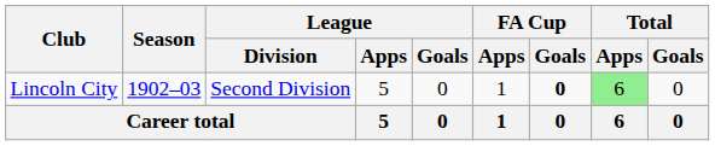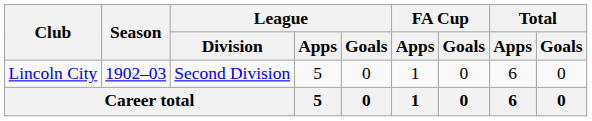 <table class="wikitable" style="text-align: center">
 <tr>
 <th rowspan="2">Club</th>
 <th rowspan="2">Season</th>
 <th colspan="3">League</th>
 <th colspan="2">FA Cup</th>
 <th colspan="2">Total</th>
 </tr>
 <tr>
 <th>Division</th>
 <th>Apps</th>
 <th>Goals</th>
 <th>Apps</th>
 <th>Goals</th>
 <th>Apps</th>
 <th>Goals</th>
 </tr>
 <tr>
 <td><a href='#'>Lincoln City</a></td>
 <td><a href='#'>1902–03</a></td>
 <td><a href='#'>Second Division</a></td>
 <td>5</td>
 <td>0</td>
 <td>1</td>
-<td><strong>0</strong></td>
-<td style="background: lightgreen;">6</td>
+<td>0</td>
+<td>6</td>
 <td>0</td>
 </tr>
 <tr>
 <th colspan="3">Career total</th>
 <th>5</th>
 <th>0</th>
 <th>1</th>
 <th>0</th>
 <th>6</th>
 <th>0</th>
 </tr>
 </table>
